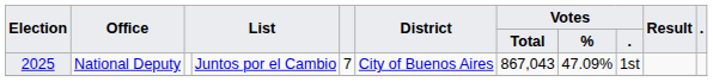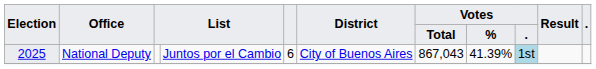 <table class="wikitable" style="font-size:90%; text-align:center;">
 <tr>
 <th style="background-color:#EAECF0;" rowspan=2>Election</th>
 <th style="background-color:#EAECF0;" rowspan=2>Office</th>
 <th style="background-color:#EAECF0;" colspan=2 rowspan=2>List</th>
 <th style="background-color:#EAECF0;" rowspan=2></th>
 <th style="background-color:#EAECF0;" rowspan=2>District</th>
 <th style="background-color:#EAECF0;" colspan=3>Votes</th>
 <th style="background-color:#EAECF0;" rowspan=2>Result</th>
 <th style="background-color:#EAECF0;" rowspan=2>.</th>
 </tr>
 <tr>
 <th style="background-color:#EAECF0;">Total</th>
 <th style="background-color:#EAECF0;">%</th>
 <th style="background-color:#EAECF0;">.</th>
 </tr>
 <tr>
 <td style="background-color:#EAECF0;"><a href='#'>2025</a></td>
 <td><a href='#'>National Deputy</a></td>
 <td style="background-color:"></td>
 <td><a href='#'>Juntos por el Cambio</a></td>
-<td>7</td>
+<td>6</td>
 <td><a href='#'>City of Buenos Aires</a></td>
 <td>867,043</td>
-<td>47.09%</td>
-<td>1st</td>
+<td>41.39%</td>
+<td style="background: lightblue;">1st</td>
 <td></td>
 <td></td>
 </tr>
 <tr>
 </tr>
 </table>
